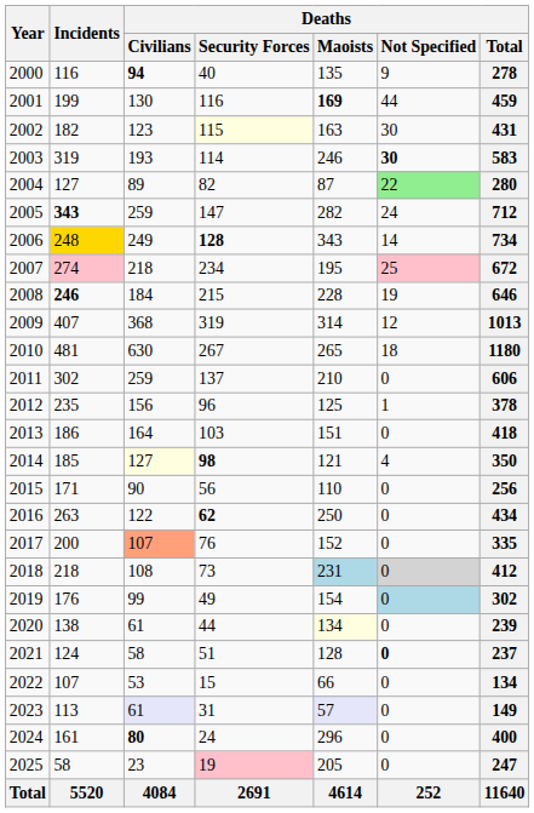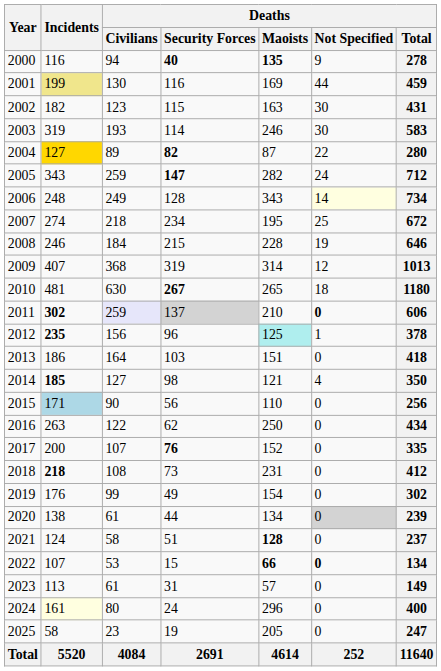 <table class="wikitable sortable defaultcenter" style="font-size: 90%">
 <tr>
 <th rowspan="2">Year</th>
 <th rowspan="2">Incidents</th>
 <th colspan="5">Deaths</th>
 </tr>
 <tr>
 <th>Civilians</th>
 <th>Security Forces</th>
 <th>Maoists</th>
 <th>Not Specified</th>
 <th>Total</th>
 </tr>
 <tr>
 <td>2000</td>
 <td>116</td>
-<td><strong>94</strong></td>
-<td>40</td>
-<td>135</td>
+<td>94</td>
+<td><strong>40</strong></td>
+<td><strong>135</strong></td>
 <td>9</td>
 <th>278</th>
 </tr>
 <tr>
 <td>2001</td>
-<td>199</td>
+<td style="background: khaki;">199</td>
 <td>130</td>
 <td>116</td>
-<td><strong>169</strong></td>
+<td>169</td>
 <td>44</td>
 <th>459</th>
 </tr>
 <tr>
 <td>2002</td>
 <td>182</td>
 <td>123</td>
-<td style="background: lightyellow;">115</td>
+<td>115</td>
 <td>163</td>
 <td>30</td>
 <th>431</th>
 </tr>
 <tr>
 <td>2003</td>
 <td>319</td>
 <td>193</td>
 <td>114</td>
 <td>246</td>
-<td><strong>30</strong></td>
+<td>30</td>
 <th>583</th>
 </tr>
 <tr>
 <td>2004</td>
-<td>127</td>
+<td style="background: gold;">127</td>
 <td>89</td>
-<td>82</td>
+<td><strong>82</strong></td>
 <td>87</td>
-<td style="background: lightgreen;">22</td>
+<td>22</td>
 <th>280</th>
 </tr>
 <tr>
 <td>2005</td>
-<td><strong>343</strong></td>
+<td>343</td>
 <td>259</td>
-<td>147</td>
+<td><strong>147</strong></td>
 <td>282</td>
 <td>24</td>
 <th>712</th>
 </tr>
 <tr>
 <td>2006</td>
-<td style="background: gold;">248</td>
+<td>248</td>
 <td>249</td>
-<td><strong>128</strong></td>
+<td>128</td>
 <td>343</td>
-<td>14</td>
+<td style="background: lightyellow;">14</td>
 <th>734</th>
 </tr>
 <tr>
 <td>2007</td>
-<td style="background: pink;">274</td>
+<td>274</td>
 <td>218</td>
 <td>234</td>
 <td>195</td>
-<td style="background: pink;">25</td>
+<td>25</td>
 <th>672</th>
 </tr>
 <tr>
 <td>2008</td>
-<td><strong>246</strong></td>
+<td>246</td>
 <td>184</td>
 <td>215</td>
 <td>228</td>
 <td>19</td>
 <th>646</th>
 </tr>
 <tr>
 <td>2009</td>
 <td>407</td>
 <td>368</td>
 <td>319</td>
 <td>314</td>
 <td>12</td>
 <th>1013</th>
 </tr>
 <tr>
 <td>2010</td>
 <td>481</td>
 <td>630</td>
-<td>267</td>
+<td><strong>267</strong></td>
 <td>265</td>
 <td>18</td>
 <th>1180</th>
 </tr>
 <tr>
 <td>2011</td>
-<td>302</td>
-<td>259</td>
-<td>137</td>
+<td><strong>302</strong></td>
+<td style="background: lavender;">259</td>
+<td style="background: lightgrey;">137</td>
 <td>210</td>
-<td>0</td>
+<td><strong>0</strong></td>
 <th>606</th>
 </tr>
 <tr>
 <td>2012</td>
-<td>235</td>
+<td><strong>235</strong></td>
 <td>156</td>
 <td>96</td>
-<td>125</td>
+<td style="background: paleturquoise;">125</td>
 <td>1</td>
 <th>378</th>
 </tr>
 <tr>
 <td>2013</td>
 <td>186</td>
 <td>164</td>
 <td>103</td>
 <td>151</td>
 <td>0</td>
 <th>418</th>
 </tr>
 <tr>
 <td>2014</td>
-<td>185</td>
-<td style="background: lightyellow;">127</td>
-<td><strong>98</strong></td>
+<td><strong>185</strong></td>
+<td>127</td>
+<td>98</td>
 <td>121</td>
 <td>4</td>
 <th>350</th>
 </tr>
 <tr>
 <td>2015</td>
-<td>171</td>
+<td style="background: lightblue;">171</td>
 <td>90</td>
 <td>56</td>
 <td>110</td>
 <td>0</td>
 <th>256</th>
 </tr>
 <tr>
 <td>2016</td>
 <td>263</td>
 <td>122</td>
-<td><strong>62</strong></td>
+<td>62</td>
 <td>250</td>
 <td>0</td>
 <th>434</th>
 </tr>
 <tr>
 <td>2017</td>
 <td>200</td>
-<td style="background: lightsalmon;">107</td>
-<td>76</td>
+<td>107</td>
+<td><strong>76</strong></td>
 <td>152</td>
 <td>0</td>
 <th>335</th>
 </tr>
 <tr>
 <td>2018</td>
-<td>218</td>
+<td><strong>218</strong></td>
 <td>108</td>
 <td>73</td>
-<td style="background: lightblue;">231</td>
-<td style="background: lightgrey;">0</td>
+<td>231</td>
+<td>0</td>
 <th>412</th>
 </tr>
 <tr>
 <td>2019</td>
 <td>176</td>
 <td>99</td>
 <td>49</td>
 <td>154</td>
-<td style="background: lightblue;">0</td>
+<td>0</td>
 <th>302</th>
 </tr>
 <tr>
 <td>2020</td>
 <td>138</td>
 <td>61</td>
 <td>44</td>
-<td style="background: lightyellow;">134</td>
-<td>0</td>
+<td>134</td>
+<td style="background: lightgrey;">0</td>
 <th>239</th>
 </tr>
 <tr>
 <td>2021</td>
 <td>124</td>
 <td>58</td>
 <td>51</td>
-<td>128</td>
-<td><strong>0</strong></td>
+<td><strong>128</strong></td>
+<td>0</td>
 <th>237</th>
 </tr>
 <tr>
 <td>2022</td>
 <td>107</td>
 <td>53</td>
 <td>15</td>
-<td>66</td>
-<td>0</td>
+<td><strong>66</strong></td>
+<td><strong>0</strong></td>
 <th>134</th>
 </tr>
 <tr>
 <td>2023</td>
 <td>113</td>
-<td style="background: lavender;">61</td>
+<td>61</td>
 <td>31</td>
-<td style="background: lavender;">57</td>
+<td>57</td>
 <td>0</td>
 <th>149</th>
 </tr>
 <tr>
 <td>2024</td>
-<td>161</td>
-<td><strong>80</strong></td>
+<td style="background: lightyellow;">161</td>
+<td>80</td>
 <td>24</td>
 <td>296</td>
 <td>0</td>
 <th>400</th>
 </tr>
 <tr>
 <td>2025</td>
 <td>58</td>
 <td>23</td>
-<td style="background: pink;">19</td>
+<td>19</td>
 <td>205</td>
 <td>0</td>
 <th>247</th>
 </tr>
 <tr>
 <th>Total</th>
 <th>5520</th>
 <th>4084</th>
 <th>2691</th>
 <th>4614</th>
 <th>252</th>
 <th>11640</th>
 </tr>
 </table>
